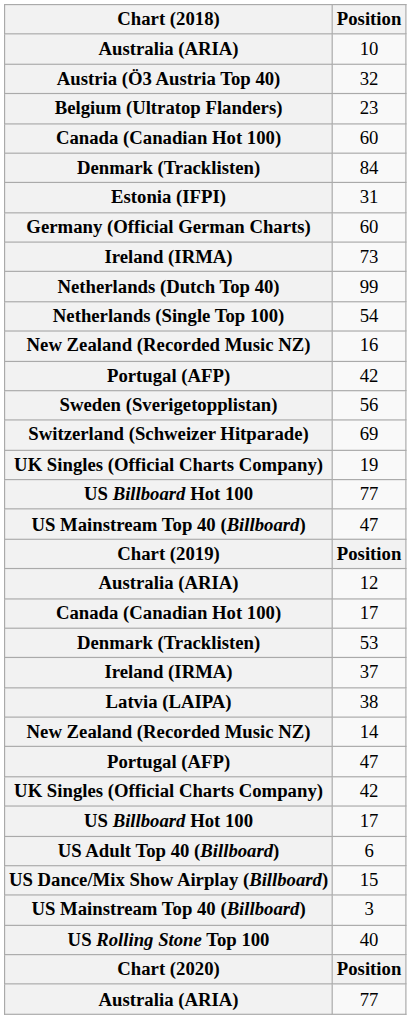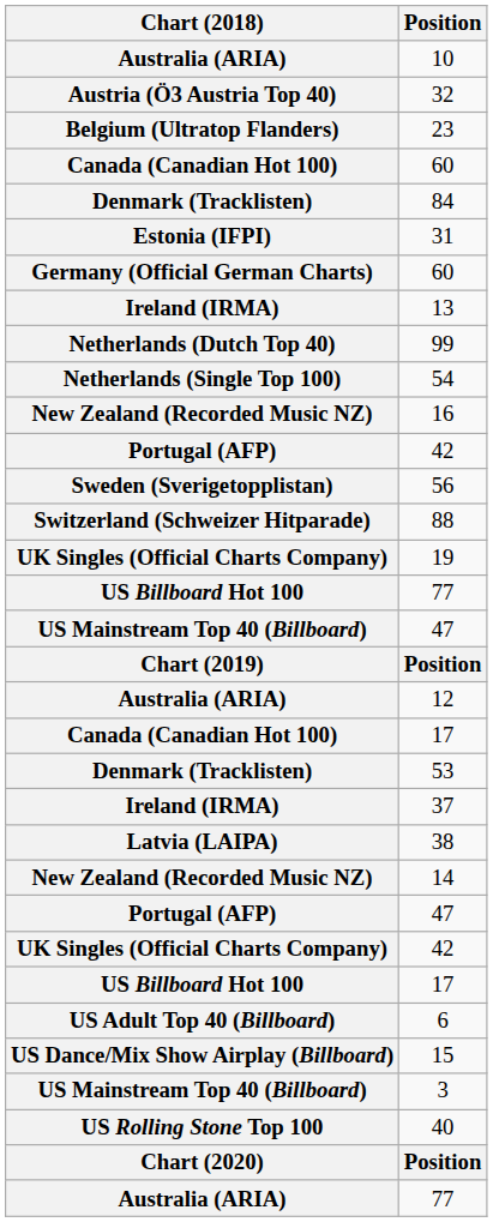 <table class="wikitable sortable plainrowheaders" style="text-align:center">
 <tr>
 <th scope="col">Chart (2018)</th>
 <th scope="col">Position</th>
 </tr>
 <tr>
 <th scope="row">Australia (ARIA)</th>
 <td>10</td>
 </tr>
 <tr>
 <th scope="row">Austria (Ö3 Austria Top 40)</th>
 <td>32</td>
 </tr>
 <tr>
 <th scope="row">Belgium (Ultratop Flanders)</th>
 <td>23</td>
 </tr>
 <tr>
 <th scope="row">Canada (Canadian Hot 100)</th>
 <td>60</td>
 </tr>
 <tr>
 <th scope="row">Denmark (Tracklisten)</th>
 <td>84</td>
 </tr>
 <tr>
 <th scope="row">Estonia (IFPI)</th>
 <td>31</td>
 </tr>
 <tr>
 <th scope="row">Germany (Official German Charts)</th>
 <td>60</td>
 </tr>
 <tr>
 <th scope="row">Ireland (IRMA)</th>
-<td>73</td>
+<td>13</td>
 </tr>
 <tr>
 <th scope="row">Netherlands (Dutch Top 40)</th>
 <td>99</td>
 </tr>
 <tr>
 <th scope="row">Netherlands (Single Top 100)</th>
 <td>54</td>
 </tr>
 <tr>
 <th scope="row">New Zealand (Recorded Music NZ)</th>
 <td>16</td>
 </tr>
 <tr>
 <th scope="row">Portugal (AFP)</th>
 <td>42</td>
 </tr>
 <tr>
 <th scope="row">Sweden (Sverigetopplistan)</th>
 <td>56</td>
 </tr>
 <tr>
 <th scope="row">Switzerland (Schweizer Hitparade)</th>
-<td>69</td>
+<td>88</td>
 </tr>
 <tr>
 <th scope="row">UK Singles (Official Charts Company)</th>
 <td>19</td>
 </tr>
 <tr>
 <th scope="row">US <em>Billboard</em> Hot 100</th>
 <td>77</td>
 </tr>
 <tr>
 <th scope="row">US Mainstream Top 40 (<em>Billboard</em>)</th>
 <td>47</td>
 </tr>
 <tr>
 <th scope="col">Chart (2019)</th>
 <th scope="col">Position</th>
 </tr>
 <tr>
 <th scope="row">Australia (ARIA)</th>
 <td>12</td>
 </tr>
 <tr>
 <th scope="row">Canada (Canadian Hot 100)</th>
 <td>17</td>
 </tr>
 <tr>
 <th scope="row">Denmark (Tracklisten)</th>
 <td>53</td>
 </tr>
 <tr>
 <th scope="row">Ireland (IRMA)</th>
 <td>37</td>
 </tr>
 <tr>
 <th scope="row">Latvia (LAIPA)</th>
 <td>38</td>
 </tr>
 <tr>
 <th scope="row">New Zealand (Recorded Music NZ)</th>
 <td>14</td>
 </tr>
 <tr>
 <th scope="row">Portugal (AFP)</th>
 <td>47</td>
 </tr>
 <tr>
 <th scope="row">UK Singles (Official Charts Company)</th>
 <td>42</td>
 </tr>
 <tr>
 <th scope="row">US <em>Billboard</em> Hot 100</th>
 <td>17</td>
 </tr>
 <tr>
 <th scope="row">US Adult Top 40 (<em>Billboard</em>)</th>
 <td>6</td>
 </tr>
 <tr>
 <th scope="row">US Dance/Mix Show Airplay (<em>Billboard</em>)</th>
 <td>15</td>
 </tr>
 <tr>
 <th scope="row">US Mainstream Top 40 (<em>Billboard</em>)</th>
 <td>3</td>
 </tr>
 <tr>
 <th scope="row">US <em>Rolling Stone</em> Top 100</th>
 <td>40</td>
 </tr>
 <tr>
 <th scope="col">Chart (2020)</th>
 <th scope="col">Position</th>
 </tr>
 <tr>
 <th scope="row">Australia (ARIA)</th>
 <td>77</td>
 </tr>
 </table>
